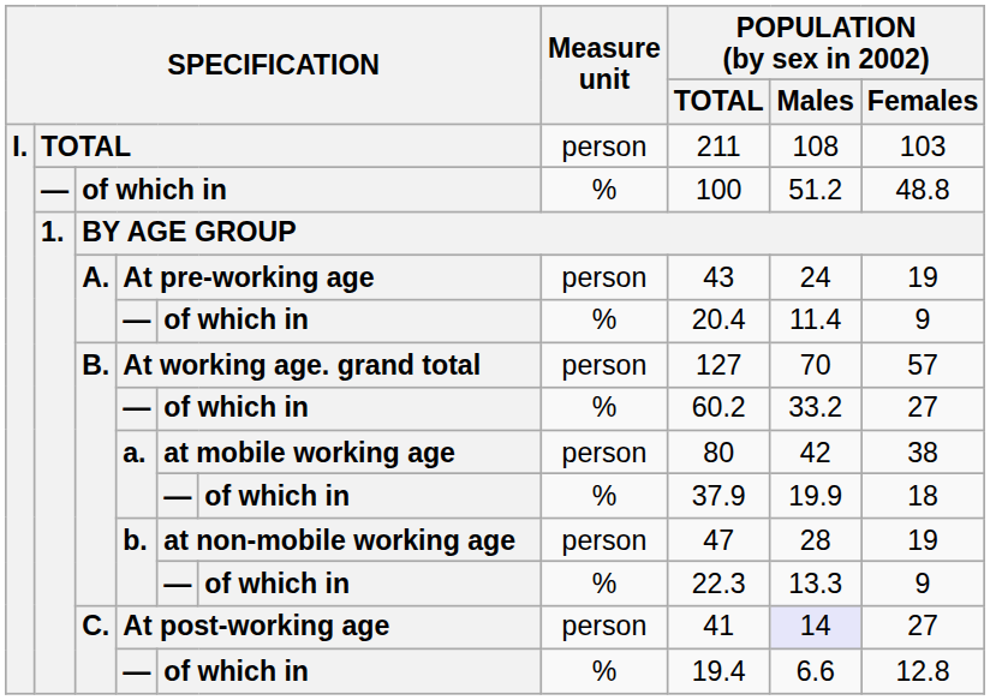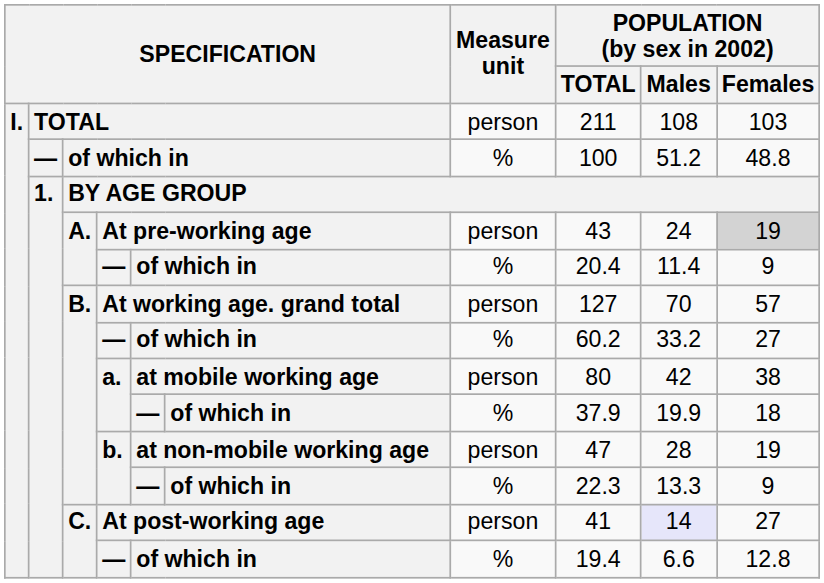 <table class="wikitable" style="font-size:85%; text-align:center">
 <tr>
 <th rowspan="2" colspan="6">SPECIFICATION</th>
 <th rowspan="2">Measure<br> unit</th>
 <th colspan="3" rowspan="1">POPULATION<br> (by sex in 2002)</th>
 </tr>
 <tr>
 <th>TOTAL</th>
 <th>Males</th>
 <th>Females</th>
 </tr>
 <tr>
 <th style="text-align:left" valign="top" rowspan="13">I.</th>
 <th style="text-align:left" colspan="5">TOTAL</th>
 <td>person</td>
 <td>211</td>
 <td>108</td>
 <td>103</td>
 </tr>
 <tr>
 <th style="text-align:left" valign="top">—</th>
 <th style="text-align:left" colspan="4">of which in</th>
 <td>%</td>
 <td>100</td>
 <td>51.2</td>
 <td>48.8</td>
 </tr>
 <tr>
 <th style="text-align:left" valign="top" rowspan="11">1.</th>
 <th style="text-align:left" colspan="19">BY AGE GROUP</th>
 </tr>
 <tr>
 <th style="text-align:left" valign="top" rowspan="2">A.</th>
 <th style="text-align:left" colspan="3">At pre-working age</th>
 <td>person</td>
 <td>43</td>
 <td>24</td>
-<td>19</td>
+<td style="background: lightgrey;">19</td>
 </tr>
 <tr>
 <th style="text-align:left" valign="top">—</th>
 <th style="text-align:left" valign="top" colspan="2">of which in</th>
 <td>%</td>
 <td>20.4</td>
 <td>11.4</td>
 <td>9</td>
 </tr>
 <tr>
 <th style="text-align:left" valign="top" rowspan="6">B.</th>
 <th style="text-align:left" colspan="3">At working age. grand total</th>
 <td>person</td>
 <td>127</td>
 <td>70</td>
 <td>57</td>
 </tr>
 <tr>
 <th style="text-align:left" valign="top">—</th>
 <th style="text-align:left" valign="top" colspan="2">of which in</th>
 <td>%</td>
 <td>60.2</td>
 <td>33.2</td>
 <td>27</td>
 </tr>
 <tr>
 <th style="text-align:left" valign="top" rowspan="2">a.</th>
 <th style="text-align:left" colspan="2">at mobile working age</th>
 <td>person</td>
 <td>80</td>
 <td>42</td>
 <td>38</td>
 </tr>
 <tr>
 <th style="text-align:left" valign="top">—</th>
 <th style="text-align:left" valign="top" colspan="1">of which in                        </th>
 <td>%</td>
 <td>37.9</td>
 <td>19.9</td>
 <td>18</td>
 </tr>
 <tr>
 <th style="text-align:left" valign="top" rowspan="2">b.</th>
 <th style="text-align:left" colspan="2">at non-mobile working age</th>
 <td>person</td>
 <td>47</td>
 <td>28</td>
 <td>19</td>
 </tr>
 <tr>
 <th style="text-align:left" valign="top">—</th>
 <th style="text-align:left" valign="top" colspan="1">of which in                        </th>
 <td>%</td>
 <td>22.3</td>
 <td>13.3</td>
 <td>9</td>
 </tr>
 <tr>
 <th style="text-align:left" valign="top" rowspan="2">C.</th>
 <th style="text-align:left" colspan="3">At post-working age</th>
 <td>person</td>
 <td>41</td>
 <td style="background: lavender;">14</td>
 <td>27</td>
 </tr>
 <tr>
 <th style="text-align:left" valign="top">—</th>
 <th style="text-align:left" valign="top" colspan="2">of which in</th>
 <td>%</td>
 <td>19.4</td>
 <td>6.6</td>
 <td>12.8</td>
 </tr>
 </table>
